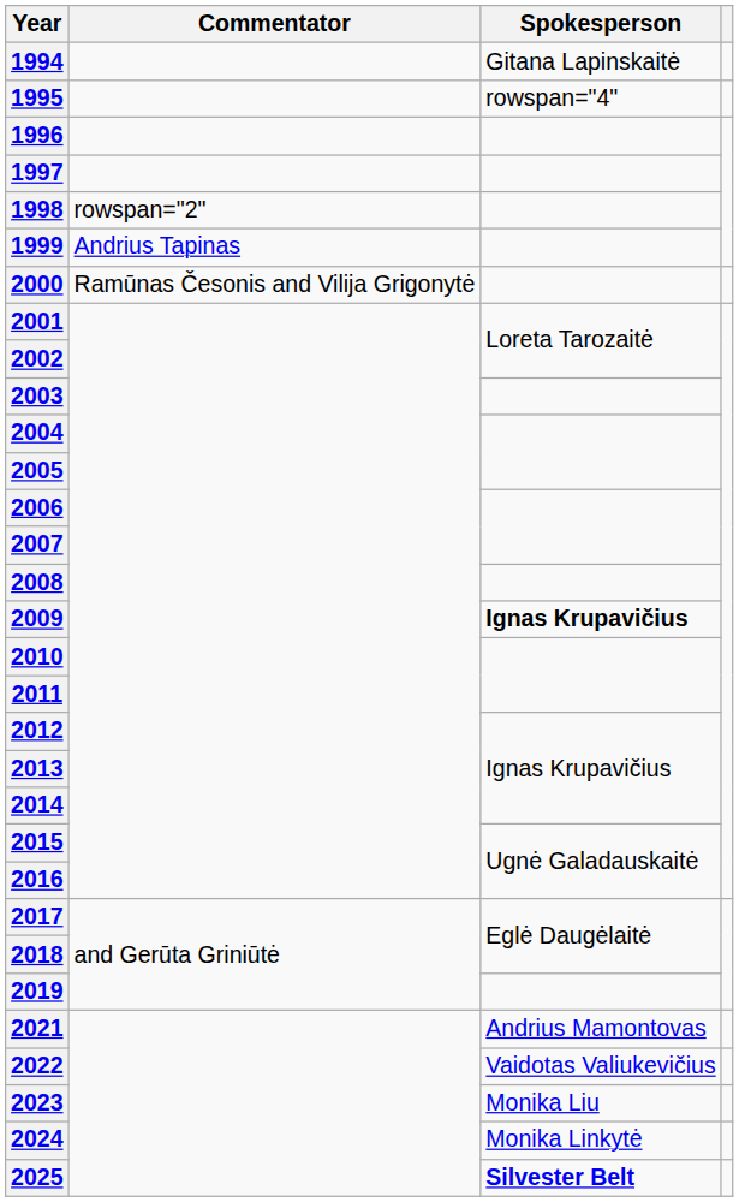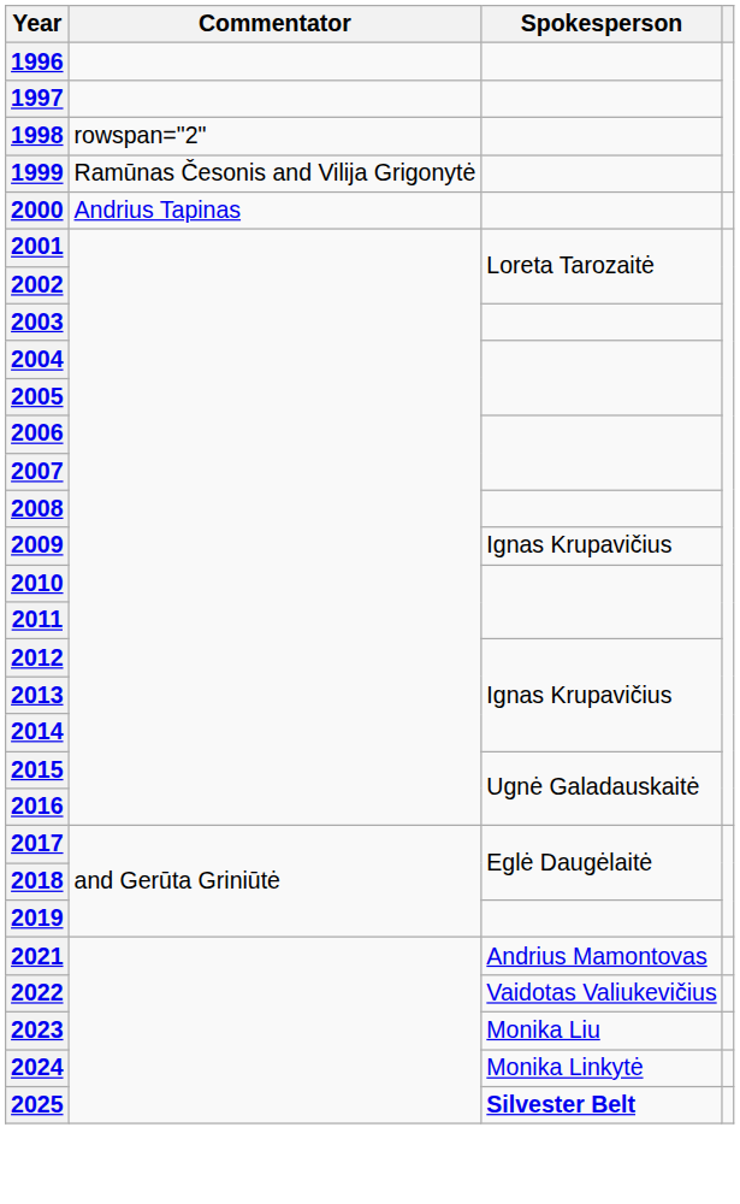 <table class="wikitable sortable plainrowheaders">
 <tr>
 <th scope="col">Year</th>
 <th scope="col">Commentator</th>
 <th scope="col">Spokesperson</th>
 <th scope="col"></th>
-</tr>
-<tr>
-<th scope="row"><a href='#'>1994</a></th>
-<td></td>
-<td>Gitana Lapinskaitė</td>
-<td align="center"></td>
-</tr>
-<tr>
-<th scope="row"><a href='#'>1995</a></th>
-<td></td>
-<td>rowspan="4" </td>
-<td align="center"></td>
 </tr>
 <tr>
 <th scope="row"><a href='#'>1996</a></th>
 <td></td>
 <td align="center"></td>
 </tr>
 <tr>
 <th scope="row"><a href='#'>1997</a></th>
 <td></td>
 <td align="center"></td>
 </tr>
 <tr>
 <th scope="row"><a href='#'>1998</a></th>
 <td>rowspan="2" </td>
 <td align="center"></td>
 </tr>
 <tr>
 <th scope="row"><a href='#'>1999</a></th>
-<td><a href='#'>Andrius Tapinas</a></td>
+<td>Ramūnas Česonis and Vilija Grigonytė</td>
 <td align="center"></td>
 </tr>
 <tr>
 <th scope="row"><a href='#'>2000</a></th>
-<td>Ramūnas Česonis and Vilija Grigonytė</td>
+<td><a href='#'>Andrius Tapinas</a></td>
 <td></td>
 <td align="center"><small></small></td>
 </tr>
 <tr>
 <th scope="row"><a href='#'>2001</a></th>
 <td rowspan="16"></td>
 <td rowspan="2">Loreta Tarozaitė</td>
 <td rowspan="16" align="center"></td>
 </tr>
 <tr>
 <th scope="row"><a href='#'>2002</a></th>
 </tr>
 <tr>
 <th scope="row"><a href='#'>2003</a></th>
 <td></td>
 </tr>
 <tr>
 <th scope="row"><a href='#'>2004</a></th>
 <td rowspan="2"></td>
 </tr>
 <tr>
 <th scope="row"><a href='#'>2005</a></th>
 </tr>
 <tr>
 <th scope="row"><a href='#'>2006</a></th>
 <td rowspan="2"></td>
 </tr>
 <tr>
 <th scope="row"><a href='#'>2007</a></th>
 </tr>
 <tr>
 <th scope="row"><a href='#'>2008</a></th>
 <td></td>
 </tr>
 <tr>
 <th scope="row"><a href='#'>2009</a></th>
-<td><strong>Ignas Krupavičius</strong></td>
+<td>Ignas Krupavičius</td>
 </tr>
 <tr>
 <th scope="row"><a href='#'>2010</a></th>
 <td rowspan="2"></td>
 </tr>
 <tr>
 <th scope="row"><a href='#'>2011</a></th>
 </tr>
 <tr>
 <th scope="row"><a href='#'>2012</a></th>
 <td rowspan="3">Ignas Krupavičius</td>
 </tr>
 <tr>
 <th scope="row"><a href='#'>2013</a></th>
 </tr>
 <tr>
 <th scope="row"><a href='#'>2014</a></th>
 </tr>
 <tr>
 <th scope="row"><a href='#'>2015</a></th>
 <td rowspan="2">Ugnė Galadauskaitė</td>
 </tr>
 <tr>
 <th scope="row"><a href='#'>2016</a></th>
 </tr>
 <tr>
 <th scope="row"><a href='#'>2017</a></th>
 <td rowspan="3"> and Gerūta Griniūtė</td>
 <td rowspan="2">Eglė Daugėlaitė</td>
 <td rowspan="3" align="center"></td>
 </tr>
 <tr>
 <th scope="row"><a href='#'>2018</a></th>
 </tr>
 <tr>
 <th scope="row"><a href='#'>2019</a></th>
 <td></td>
 </tr>
 <tr>
 <th scope="row"><a href='#'>2021</a></th>
 <td rowspan="5"></td>
 <td><a href='#'>Andrius Mamontovas</a></td>
 <td align="center"></td>
 </tr>
 <tr>
 <th scope="row"><a href='#'>2022</a></th>
 <td><a href='#'>Vaidotas Valiukevičius</a></td>
 <td align="center"></td>
 </tr>
 <tr>
 <th scope="row"><a href='#'>2023</a></th>
 <td><a href='#'>Monika Liu</a></td>
 <td align="center"></td>
 </tr>
 <tr>
 <th scope="row"><a href='#'>2024</a></th>
 <td><a href='#'>Monika Linkytė</a></td>
 <td align="center"></td>
 </tr>
 <tr>
 <th scope="row"><a href='#'>2025</a></th>
 <td><strong><a href='#'>Silvester Belt</a></strong></td>
 <td align="center"></td>
 </tr>
 </table>
